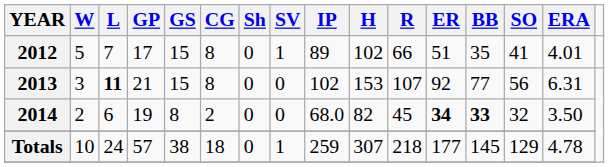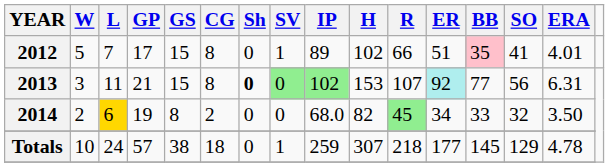 <table class="wikitable">
 <tr>
 <th>YEAR</th>
 <th><a href='#'>W</a></th>
 <th><a href='#'>L</a></th>
 <th><a href='#'>GP</a></th>
 <th><a href='#'>GS</a></th>
 <th><a href='#'>CG</a></th>
 <th><a href='#'>Sh</a></th>
 <th><a href='#'>SV</a></th>
 <th><a href='#'>IP</a></th>
 <th><a href='#'>H</a></th>
 <th><a href='#'>R</a></th>
 <th><a href='#'>ER</a></th>
 <th><a href='#'>BB</a></th>
 <th><a href='#'>SO</a></th>
 <th><a href='#'>ERA</a></th>
 </tr>
 <tr>
 <th>2012</th>
 <td>5</td>
 <td>7</td>
 <td>17</td>
 <td>15</td>
 <td>8</td>
 <td>0</td>
 <td>1</td>
 <td>89</td>
 <td>102</td>
 <td>66</td>
 <td>51</td>
-<td>35</td>
+<td style="background: pink;">35</td>
 <td>41</td>
 <td>4.01</td>
 <td></td>
 </tr>
 <tr>
 <th>2013</th>
 <td>3</td>
-<td><strong>11</strong></td>
+<td>11</td>
 <td>21</td>
 <td>15</td>
 <td>8</td>
-<td>0</td>
-<td>0</td>
-<td>102</td>
+<td><strong>0</strong></td>
+<td style="background: lightgreen;">0</td>
+<td style="background: lightgreen;">102</td>
 <td>153</td>
 <td>107</td>
-<td>92</td>
+<td style="background: paleturquoise;">92</td>
 <td>77</td>
 <td>56</td>
 <td>6.31</td>
 </tr>
 <tr>
 <th>2014</th>
 <td>2</td>
-<td>6</td>
+<td style="background: gold;">6</td>
 <td>19</td>
 <td>8</td>
 <td>2</td>
 <td>0</td>
 <td>0</td>
 <td>68.0</td>
 <td>82</td>
-<td>45</td>
-<td><strong>34</strong></td>
-<td><strong>33</strong></td>
+<td style="background: lightgreen;">45</td>
+<td>34</td>
+<td>33</td>
 <td>32</td>
 <td>3.50</td>
 </tr>
 <tr>
 </tr>
 <tr>
 <th>Totals</th>
 <td>10</td>
 <td>24</td>
 <td>57</td>
 <td>38</td>
 <td>18</td>
 <td>0</td>
 <td>1</td>
 <td>259</td>
 <td>307</td>
 <td>218</td>
 <td>177</td>
 <td>145</td>
 <td>129</td>
 <td>4.78</td>
 </tr>
 <tr>
 </tr>
 </table>
